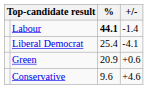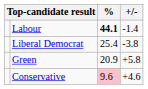 <table class="wikitable">
 <tr>
 <th colspan="2">Top-candidate result</th>
 <th>%</th>
 <th>+/-</th>
 </tr>
 <tr>
 <td style="background-color: "></td>
 <td><a href='#'>Labour</a></td>
 <td><strong>44.1</strong></td>
 <td>-1.4</td>
 </tr>
 <tr>
 <td style="background-color: "></td>
 <td><a href='#'>Liberal Democrat</a></td>
 <td>25.4</td>
-<td>-4.1</td>
+<td>-3.8</td>
 </tr>
 <tr>
 <td style="background-color: "></td>
 <td><a href='#'>Green</a></td>
 <td>20.9</td>
-<td>+0.6</td>
+<td>+5.8</td>
 </tr>
 <tr>
 <td style="background-color: "></td>
 <td><a href='#'>Conservative</a></td>
-<td>9.6</td>
+<td style="background: pink;">9.6</td>
 <td>+4.6</td>
 </tr>
 </table>
